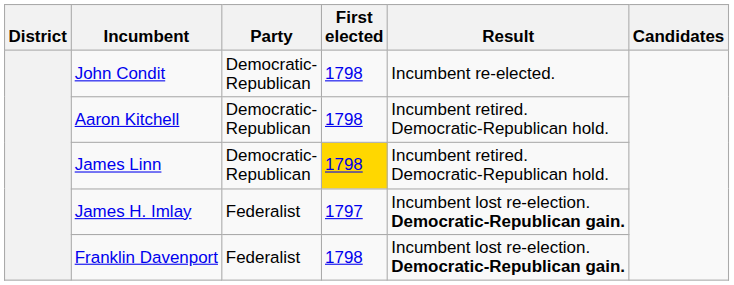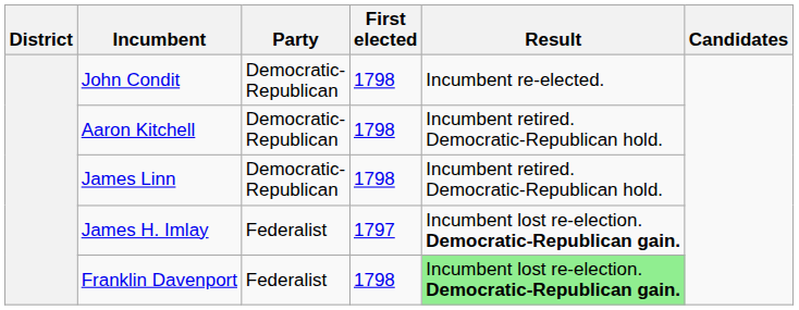 <table class=wikitable>
 <tr valign=bottom>
 <th>District</th>
 <th>Incumbent</th>
 <th>Party</th>
 <th>First<br>elected</th>
 <th>Result</th>
 <th>Candidates</th>
 </tr>
 <tr>
 <th rowspan=5><br></th>
 <td><a href='#'>John Condit</a><br></td>
 <td>Democratic-<br>Republican</td>
 <td><a href='#'>1798</a></td>
 <td>Incumbent re-elected.</td>
 <td rowspan=5 nowrap></td>
 </tr>
 <tr>
 <td><a href='#'>Aaron Kitchell</a><br></td>
 <td>Democratic-<br>Republican</td>
 <td><a href='#'>1798</a></td>
 <td>Incumbent retired.<br>Democratic-Republican hold.</td>
 </tr>
 <tr>
 <td><a href='#'>James Linn</a><br></td>
 <td>Democratic-<br>Republican</td>
-<td style="background: gold;"><a href='#'>1798</a></td>
+<td><a href='#'>1798</a></td>
 <td>Incumbent retired.<br>Democratic-Republican hold.</td>
 </tr>
 <tr>
 <td><a href='#'>James H. Imlay</a><br></td>
 <td>Federalist</td>
 <td><a href='#'>1797</a></td>
 <td>Incumbent lost re-election.<br><strong>Democratic-Republican gain.</strong></td>
 </tr>
 <tr>
 <td><a href='#'>Franklin Davenport</a><br></td>
 <td>Federalist</td>
 <td><a href='#'>1798</a></td>
-<td>Incumbent lost re-election.<br><strong>Democratic-Republican gain.</strong></td>
+<td style="background: lightgreen;">Incumbent lost re-election.<br><strong>Democratic-Republican gain.</strong></td>
 </tr>
 </table>
